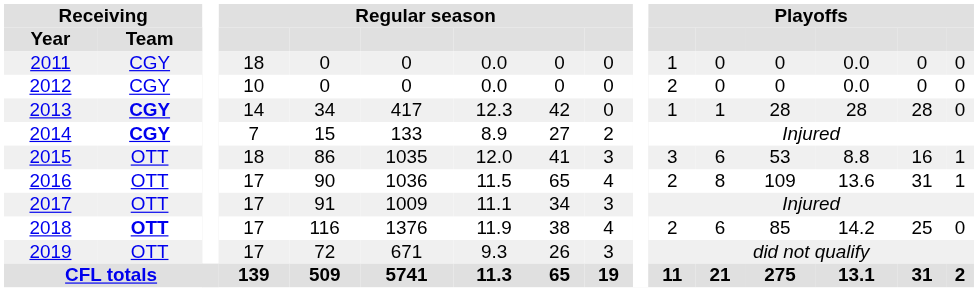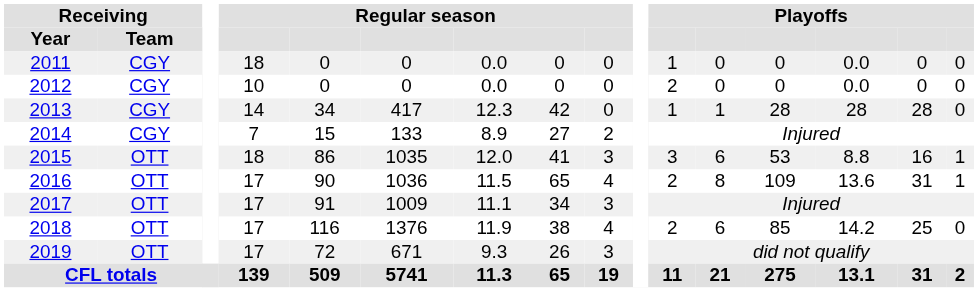 <table BORDER="0" CELLPADDING="1" CELLSPACING="0" width="65%" style="text-align:center">
 <tr bgcolor="#e0e0e0">
 <th colspan="2">Receiving</th>
 <th rowspan="99" bgcolor="#ffffff"> </th>
 <th colspan="6">Regular season</th>
 <th rowspan="99" bgcolor="#ffffff"> </th>
 <th colspan="6">Playoffs</th>
 </tr>
 <tr bgcolor="#e0e0e0">
 <th>Year</th>
 <th>Team</th>
 <th></th>
 <th></th>
 <th></th>
 <th></th>
 <th></th>
 <th></th>
 <th></th>
 <th></th>
 <th></th>
 <th></th>
 <th></th>
 <th></th>
 </tr>
 <tr ALIGN="centre" bgcolor="#f0f0f0">
 <td><a href='#'>2011</a></td>
 <td><a href='#'>CGY</a></td>
 <td>18</td>
 <td>0</td>
 <td>0</td>
 <td>0.0</td>
 <td>0</td>
 <td>0</td>
 <td>1</td>
 <td>0</td>
 <td>0</td>
 <td>0.0</td>
 <td>0</td>
 <td>0</td>
 </tr>
 <tr ALIGN="centre">
 <td><a href='#'>2012</a></td>
 <td><a href='#'>CGY</a></td>
 <td>10</td>
 <td>0</td>
 <td>0</td>
 <td>0.0</td>
 <td>0</td>
 <td>0</td>
 <td>2</td>
 <td>0</td>
 <td>0</td>
 <td>0.0</td>
 <td>0</td>
 <td>0</td>
 </tr>
 <tr ALIGN="centre" bgcolor="#f0f0f0">
 <td><a href='#'>2013</a></td>
-<td><strong><a href='#'>CGY</a></strong></td>
+<td><a href='#'>CGY</a></td>
 <td>14</td>
 <td>34</td>
 <td>417</td>
 <td>12.3</td>
 <td>42</td>
 <td>0</td>
 <td>1</td>
 <td>1</td>
 <td>28</td>
 <td>28</td>
 <td>28</td>
 <td>0</td>
 </tr>
 <tr ALIGN="centre">
 <td><a href='#'>2014</a></td>
-<td><strong><a href='#'>CGY</a></strong></td>
+<td><a href='#'>CGY</a></td>
 <td>7</td>
 <td>15</td>
 <td>133</td>
 <td>8.9</td>
 <td>27</td>
 <td>2</td>
 <td colspan="6"><em>Injured</em></td>
 </tr>
 <tr ALIGN="centre" bgcolor="#f0f0f0">
 <td><a href='#'>2015</a></td>
 <td><a href='#'>OTT</a></td>
 <td>18</td>
 <td>86</td>
 <td>1035</td>
 <td>12.0</td>
 <td>41</td>
 <td>3</td>
 <td>3</td>
 <td>6</td>
 <td>53</td>
 <td>8.8</td>
 <td>16</td>
 <td>1</td>
 </tr>
 <tr ALIGN="centre">
 <td><a href='#'>2016</a></td>
 <td><a href='#'>OTT</a></td>
 <td>17</td>
 <td>90</td>
 <td>1036</td>
 <td>11.5</td>
 <td>65</td>
 <td>4</td>
 <td>2</td>
 <td>8</td>
 <td>109</td>
 <td>13.6</td>
 <td>31</td>
 <td>1</td>
 </tr>
 <tr ALIGN="centre" bgcolor="#f0f0f0">
 <td><a href='#'>2017</a></td>
 <td><a href='#'>OTT</a></td>
 <td>17</td>
 <td>91</td>
 <td>1009</td>
 <td>11.1</td>
 <td>34</td>
 <td>3</td>
 <td colspan="6"><em>Injured</em></td>
 </tr>
 <tr ALIGN="centre">
 <td><a href='#'>2018</a></td>
-<td><strong><a href='#'>OTT</a></strong></td>
+<td><a href='#'>OTT</a></td>
 <td>17</td>
 <td>116</td>
 <td>1376</td>
 <td>11.9</td>
 <td>38</td>
 <td>4</td>
 <td>2</td>
 <td>6</td>
 <td>85</td>
 <td>14.2</td>
 <td>25</td>
 <td>0</td>
 </tr>
 <tr ALIGN="centre" bgcolor="#f0f0f0">
 <td><a href='#'>2019</a></td>
 <td><a href='#'>OTT</a></td>
 <td>17</td>
 <td>72</td>
 <td>671</td>
 <td>9.3</td>
 <td>26</td>
 <td>3</td>
 <td colspan="6"><em>did not qualify</em></td>
 </tr>
 <tr bgcolor="#e0e0e0">
 <th colspan="3"><a href='#'>CFL totals</a></th>
 <th>139</th>
 <th>509</th>
 <th>5741</th>
 <th>11.3</th>
 <th>65</th>
 <th>19</th>
 <th>11</th>
 <th>21</th>
 <th>275</th>
 <th>13.1</th>
 <th>31</th>
 <th>2</th>
 </tr>
 </table>
